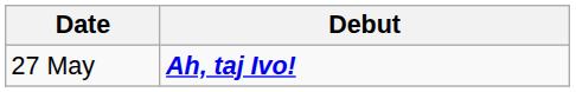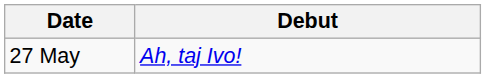 <table class="wikitable">
 <tr>
 <th width=90>Date</th>
 <th width=250>Debut</th>
 </tr>
 <tr>
 <td>27 May</td>
-<td><strong><em><a href='#'>Ah, taj Ivo!</a></em></strong></td>
+<td><em><a href='#'>Ah, taj Ivo!</a></em></td>
 </tr>
 </table>
